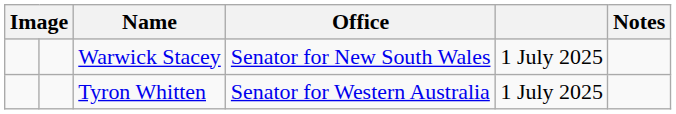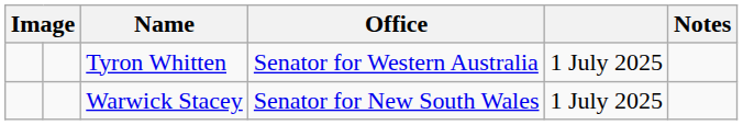 <table class=wikitable>
 <tr>
 <th colspan=2>Image</th>
 <th>Name<br></th>
 <th>Office</th>
 <th></th>
 <th>Notes</th>
 </tr>
 <tr>
 <td ! style="background:"></td>
 <td></td>
-<td><a href='#'>Warwick Stacey</a></td>
-<td><a href='#'>Senator for New South Wales</a></td>
+<td><a href='#'>Tyron Whitten</a></td>
+<td><a href='#'>Senator for Western Australia</a></td>
 <td>1 July 2025</td>
 <td></td>
 </tr>
 <tr>
 <td ! style="background:"></td>
 <td></td>
-<td><a href='#'>Tyron Whitten</a></td>
-<td><a href='#'>Senator for Western Australia</a></td>
+<td><a href='#'>Warwick Stacey</a></td>
+<td><a href='#'>Senator for New South Wales</a></td>
 <td>1 July 2025</td>
 <td></td>
 </tr>
 </table>
